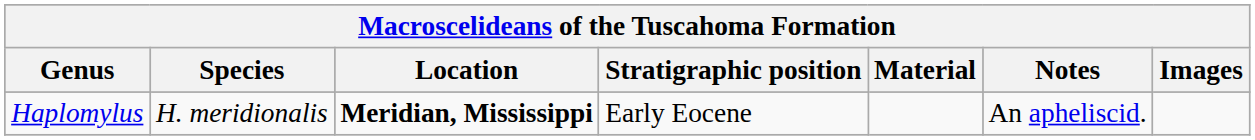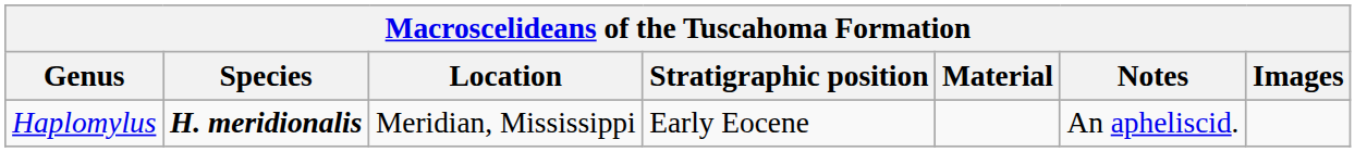 <table class="wikitable">
 <tr>
 <th colspan="7"><a href='#'>Macroscelideans</a> of the Tuscahoma Formation</th>
 </tr>
 <tr>
 <th>Genus</th>
 <th>Species</th>
 <th>Location</th>
 <th>Stratigraphic position</th>
 <th>Material</th>
 <th>Notes</th>
 <th>Images</th>
 </tr>
 <tr>
 <td><em><a href='#'>Haplomylus</a></em></td>
-<td><em>H. meridionalis</em></td>
-<td><strong>Meridian, Mississippi</strong></td>
+<td><strong><em>H. meridionalis</em></strong></td>
+<td>Meridian, Mississippi</td>
 <td>Early Eocene</td>
 <td></td>
 <td>An <a href='#'>apheliscid</a>.</td>
 <td></td>
 </tr>
 </table>
